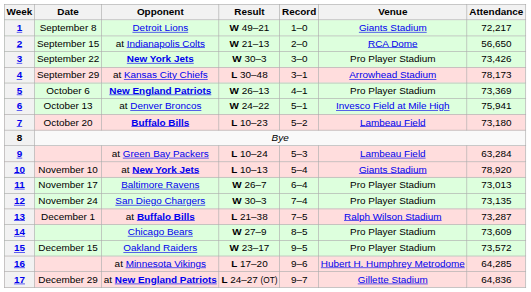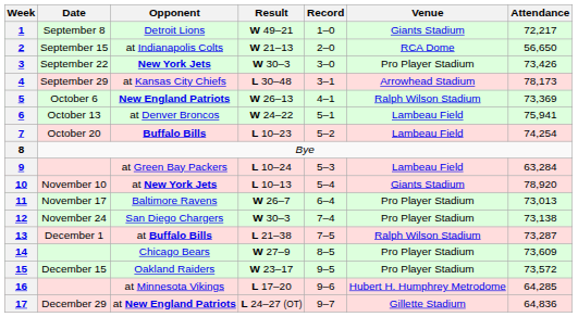 <table class="wikitable" style="text-align:center">
 <tr>
 <th>Week</th>
 <th>Date</th>
 <th>Opponent</th>
 <th>Result</th>
 <th>Record</th>
 <th>Venue</th>
 <th>Attendance</th>
 </tr>
 <tr style="background:#dfd">
 <th><a href='#'>1</a></th>
 <td>September 8</td>
 <td><a href='#'>Detroit Lions</a></td>
 <td><strong>W</strong> 49–21</td>
 <td>1–0</td>
 <td><a href='#'>Giants Stadium</a></td>
 <td>72,217</td>
 </tr>
 <tr style="background:#dfd">
 <th><a href='#'>2</a></th>
 <td>September 15</td>
 <td>at <a href='#'>Indianapolis Colts</a></td>
 <td><strong>W</strong> 21–13</td>
 <td>2–0</td>
 <td><a href='#'>RCA Dome</a></td>
 <td>56,650</td>
 </tr>
 <tr style="background:#dfd">
 <th><a href='#'>3</a></th>
 <td>September 22</td>
 <td><strong><a href='#'>New York Jets</a></strong></td>
 <td><strong>W</strong> 30–3</td>
 <td>3–0</td>
 <td>Pro Player Stadium</td>
 <td>73,426</td>
 </tr>
 <tr style="background:#fdd">
 <th><a href='#'>4</a></th>
 <td>September 29</td>
 <td>at <a href='#'>Kansas City Chiefs</a></td>
 <td><strong>L</strong> 30–48</td>
 <td>3–1</td>
 <td><a href='#'>Arrowhead Stadium</a></td>
 <td>78,173</td>
 </tr>
 <tr style="background:#dfd">
 <th><a href='#'>5</a></th>
 <td>October 6</td>
 <td><strong><a href='#'>New England Patriots</a></strong></td>
 <td><strong>W</strong> 26–13</td>
 <td>4–1</td>
-<td>Pro Player Stadium</td>
+<td><a href='#'>Ralph Wilson Stadium</a></td>
 <td>73,369</td>
 </tr>
 <tr style="background:#dfd">
 <th><a href='#'>6</a></th>
 <td>October 13</td>
 <td>at <a href='#'>Denver Broncos</a></td>
 <td><strong>W</strong> 24–22</td>
 <td>5–1</td>
-<td><a href='#'>Invesco Field at Mile High</a></td>
+<td><a href='#'>Lambeau Field</a></td>
 <td>75,941</td>
 </tr>
 <tr style="background:#fdd">
 <th><a href='#'>7</a></th>
 <td>October 20</td>
 <td><strong><a href='#'>Buffalo Bills</a></strong></td>
 <td><strong>L</strong> 10–23</td>
 <td>5–2</td>
 <td><a href='#'>Lambeau Field</a></td>
-<td>73,180</td>
+<td>74,254</td>
 </tr>
 <tr>
 <th>8</th>
 <td colspan="6"><em>Bye</em></td>
 </tr>
 <tr style="background:#fdd">
 <th><a href='#'>9</a></th>
 <td></td>
 <td>at <a href='#'>Green Bay Packers</a></td>
 <td><strong>L</strong> 10–24</td>
 <td>5–3</td>
 <td><a href='#'>Lambeau Field</a></td>
 <td>63,284</td>
 </tr>
 <tr style="background:#fdd">
 <th><a href='#'>10</a></th>
 <td>November 10</td>
 <td>at <strong><a href='#'>New York Jets</a></strong></td>
 <td><strong>L</strong> 10–13</td>
 <td>5–4</td>
 <td><a href='#'>Giants Stadium</a></td>
 <td>78,920</td>
 </tr>
 <tr style="background:#dfd">
 <th><a href='#'>11</a></th>
 <td>November 17</td>
 <td><a href='#'>Baltimore Ravens</a></td>
 <td><strong>W</strong> 26–7</td>
 <td>6–4</td>
 <td>Pro Player Stadium</td>
 <td>73,013</td>
 </tr>
 <tr style="background:#dfd">
 <th><a href='#'>12</a></th>
 <td>November 24</td>
 <td><a href='#'>San Diego Chargers</a></td>
 <td><strong>W</strong> 30–3</td>
 <td>7–4</td>
 <td>Pro Player Stadium</td>
-<td>73,135</td>
+<td>73,138</td>
 </tr>
 <tr style="background:#fdd">
 <th><a href='#'>13</a></th>
 <td>December 1</td>
 <td>at <strong><a href='#'>Buffalo Bills</a></strong></td>
 <td><strong>L</strong> 21–38</td>
 <td>7–5</td>
 <td><a href='#'>Ralph Wilson Stadium</a></td>
 <td>73,287</td>
 </tr>
 <tr style="background:#dfd">
 <th><a href='#'>14</a></th>
 <td></td>
 <td><a href='#'>Chicago Bears</a></td>
 <td><strong>W</strong> 27–9</td>
 <td>8–5</td>
 <td>Pro Player Stadium</td>
 <td>73,609</td>
 </tr>
 <tr style="background:#dfd">
 <th><a href='#'>15</a></th>
 <td>December 15</td>
 <td><a href='#'>Oakland Raiders</a></td>
 <td><strong>W</strong> 23–17</td>
 <td>9–5</td>
 <td>Pro Player Stadium</td>
 <td>73,572</td>
 </tr>
 <tr style="background:#fdd">
 <th><a href='#'>16</a></th>
 <td></td>
 <td>at <a href='#'>Minnesota Vikings</a></td>
 <td><strong>L</strong> 17–20</td>
 <td>9–6</td>
 <td><a href='#'>Hubert H. Humphrey Metrodome</a></td>
 <td>64,285</td>
 </tr>
 <tr style="background:#fdd">
 <th><a href='#'>17</a></th>
 <td>December 29</td>
 <td>at <strong><a href='#'>New England Patriots</a></strong></td>
 <td><strong>L</strong> 24–27 <small>(OT)</small></td>
 <td>9–7</td>
 <td><a href='#'>Gillette Stadium</a></td>
 <td>64,836</td>
 </tr>
 </table>
